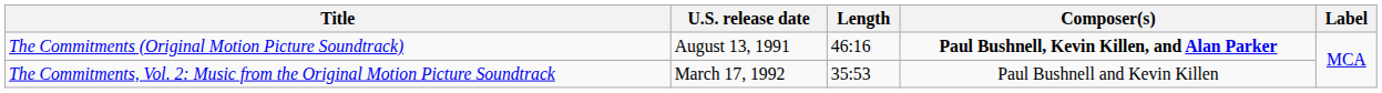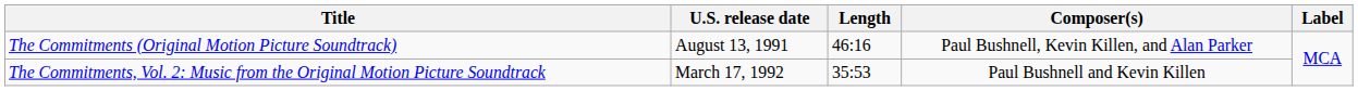 <table class="wikitable" style="text-align:center; width:100%;">
 <tr>
 <th>Title</th>
 <th>U.S. release date</th>
 <th>Length</th>
 <th>Composer(s)</th>
 <th>Label</th>
 </tr>
 <tr>
 <td style="text-align:left"><a href='#'><em>The Commitments (Original Motion Picture Soundtrack)</em></a></td>
 <td style="text-align:left">August 13, 1991</td>
 <td style="text-align:left">46:16</td>
-<td><strong>Paul Bushnell, Kevin Killen, and <a href='#'>Alan Parker</a></strong></td>
+<td>Paul Bushnell, Kevin Killen, and <a href='#'>Alan Parker</a></td>
 <td rowspan="2"><a href='#'>MCA</a></td>
 </tr>
 <tr>
 <td style="text-align:left"><a href='#'><em>The Commitments, Vol. 2: Music from the Original Motion Picture Soundtrack</em></a></td>
 <td style="text-align:left">March 17, 1992</td>
 <td style="text-align:left">35:53</td>
 <td>Paul Bushnell and Kevin Killen</td>
 </tr>
 </table>
